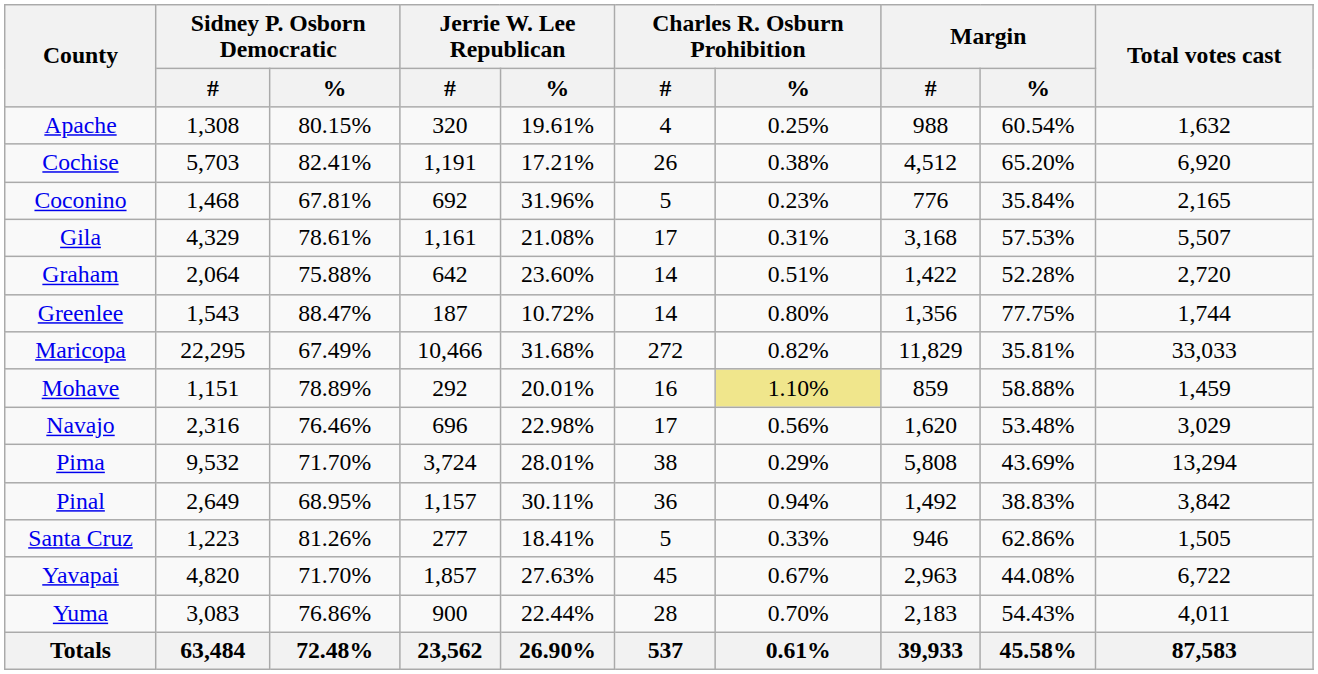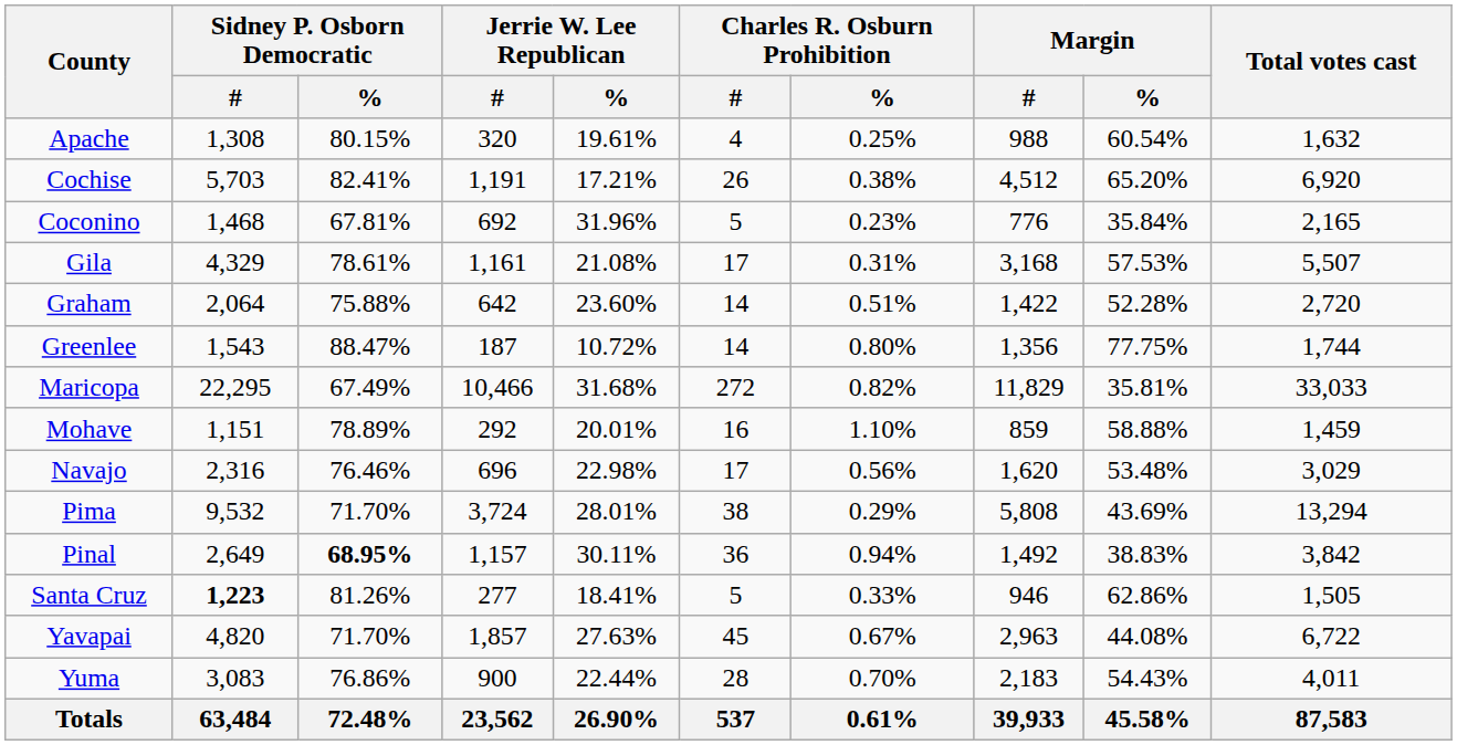 <table width="70%" class="wikitable sortable" style="text-align:center">
 <tr>
 <th rowspan="2">County</th>
 <th style="text-align:center;" colspan="2">Sidney P. Osborn<br>Democratic</th>
 <th style="text-align:center;" colspan="2">Jerrie W. Lee<br>Republican</th>
 <th style="text-align:center;" colspan="2">Charles R. Osburn<br>Prohibition</th>
 <th style="text-align:center;" colspan="2">Margin</th>
 <th style="text-align:center;" rowspan="2">Total votes cast</th>
 </tr>
 <tr>
 <th style="text-align:center;" data-sort-type="number">#</th>
 <th style="text-align:center;" data-sort-type="number">%</th>
 <th style="text-align:center;" data-sort-type="number">#</th>
 <th style="text-align:center;" data-sort-type="number">%</th>
 <th style="text-align:center;" data-sort-type="number">#</th>
 <th style="text-align:center;" data-sort-type="number">%</th>
 <th style="text-align:center;" data-sort-type="number">#</th>
 <th style="text-align:center;" data-sort-type="number">%</th>
 </tr>
 <tr style="text-align:center;">
 <td><a href='#'>Apache</a></td>
 <td>1,308</td>
 <td>80.15%</td>
 <td>320</td>
 <td>19.61%</td>
 <td>4</td>
 <td>0.25%</td>
 <td>988</td>
 <td>60.54%</td>
 <td>1,632</td>
 </tr>
 <tr style="text-align:center;">
 <td><a href='#'>Cochise</a></td>
 <td>5,703</td>
 <td>82.41%</td>
 <td>1,191</td>
 <td>17.21%</td>
 <td>26</td>
 <td>0.38%</td>
 <td>4,512</td>
 <td>65.20%</td>
 <td>6,920</td>
 </tr>
 <tr style="text-align:center;">
 <td><a href='#'>Coconino</a></td>
 <td>1,468</td>
 <td>67.81%</td>
 <td>692</td>
 <td>31.96%</td>
 <td>5</td>
 <td>0.23%</td>
 <td>776</td>
 <td>35.84%</td>
 <td>2,165</td>
 </tr>
 <tr style="text-align:center;">
 <td><a href='#'>Gila</a></td>
 <td>4,329</td>
 <td>78.61%</td>
 <td>1,161</td>
 <td>21.08%</td>
 <td>17</td>
 <td>0.31%</td>
 <td>3,168</td>
 <td>57.53%</td>
 <td>5,507</td>
 </tr>
 <tr style="text-align:center;">
 <td><a href='#'>Graham</a></td>
 <td>2,064</td>
 <td>75.88%</td>
 <td>642</td>
 <td>23.60%</td>
 <td>14</td>
 <td>0.51%</td>
 <td>1,422</td>
 <td>52.28%</td>
 <td>2,720</td>
 </tr>
 <tr style="text-align:center;">
 <td><a href='#'>Greenlee</a></td>
 <td>1,543</td>
 <td>88.47%</td>
 <td>187</td>
 <td>10.72%</td>
 <td>14</td>
 <td>0.80%</td>
 <td>1,356</td>
 <td>77.75%</td>
 <td>1,744</td>
 </tr>
 <tr style="text-align:center;">
 <td><a href='#'>Maricopa</a></td>
 <td>22,295</td>
 <td>67.49%</td>
 <td>10,466</td>
 <td>31.68%</td>
 <td>272</td>
 <td>0.82%</td>
 <td>11,829</td>
 <td>35.81%</td>
 <td>33,033</td>
 </tr>
 <tr style="text-align:center;">
 <td><a href='#'>Mohave</a></td>
 <td>1,151</td>
 <td>78.89%</td>
 <td>292</td>
 <td>20.01%</td>
 <td>16</td>
-<td style="background: khaki;">1.10%</td>
+<td>1.10%</td>
 <td>859</td>
 <td>58.88%</td>
 <td>1,459</td>
 </tr>
 <tr style="text-align:center;">
 <td><a href='#'>Navajo</a></td>
 <td>2,316</td>
 <td>76.46%</td>
 <td>696</td>
 <td>22.98%</td>
 <td>17</td>
 <td>0.56%</td>
 <td>1,620</td>
 <td>53.48%</td>
 <td>3,029</td>
 </tr>
 <tr style="text-align:center;">
 <td><a href='#'>Pima</a></td>
 <td>9,532</td>
 <td>71.70%</td>
 <td>3,724</td>
 <td>28.01%</td>
 <td>38</td>
 <td>0.29%</td>
 <td>5,808</td>
 <td>43.69%</td>
 <td>13,294</td>
 </tr>
 <tr style="text-align:center;">
 <td><a href='#'>Pinal</a></td>
 <td>2,649</td>
-<td>68.95%</td>
+<td><strong>68.95%</strong></td>
 <td>1,157</td>
 <td>30.11%</td>
 <td>36</td>
 <td>0.94%</td>
 <td>1,492</td>
 <td>38.83%</td>
 <td>3,842</td>
 </tr>
 <tr style="text-align:center;">
 <td><a href='#'>Santa Cruz</a></td>
-<td>1,223</td>
+<td><strong>1,223</strong></td>
 <td>81.26%</td>
 <td>277</td>
 <td>18.41%</td>
 <td>5</td>
 <td>0.33%</td>
 <td>946</td>
 <td>62.86%</td>
 <td>1,505</td>
 </tr>
 <tr style="text-align:center;">
 <td><a href='#'>Yavapai</a></td>
 <td>4,820</td>
 <td>71.70%</td>
 <td>1,857</td>
 <td>27.63%</td>
 <td>45</td>
 <td>0.67%</td>
 <td>2,963</td>
 <td>44.08%</td>
 <td>6,722</td>
 </tr>
 <tr style="text-align:center;">
 <td><a href='#'>Yuma</a></td>
 <td>3,083</td>
 <td>76.86%</td>
 <td>900</td>
 <td>22.44%</td>
 <td>28</td>
 <td>0.70%</td>
 <td>2,183</td>
 <td>54.43%</td>
 <td>4,011</td>
 </tr>
 <tr style="text-align:center;">
 <th>Totals</th>
 <th>63,484</th>
 <th>72.48%</th>
 <th>23,562</th>
 <th>26.90%</th>
 <th>537</th>
 <th>0.61%</th>
 <th>39,933</th>
 <th>45.58%</th>
 <th>87,583</th>
 </tr>
 </table>
